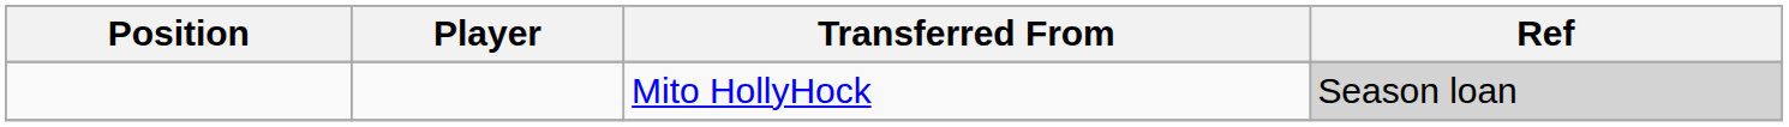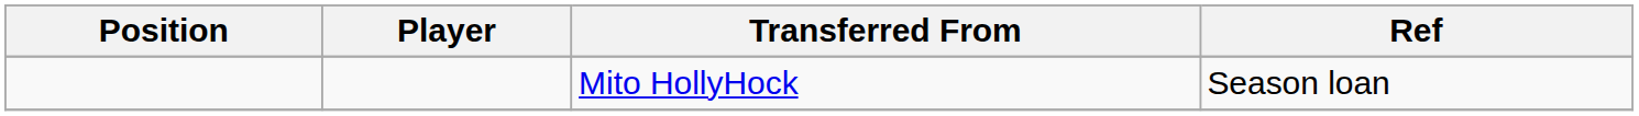 <table class="wikitable sortable" style="width:50%; text-align:center; font-size:100%; text-align:left;">
 <tr>
 <th><strong>Position</strong></th>
 <th><strong>Player</strong></th>
 <th><strong>Transferred From</strong></th>
 <th><strong>Ref</strong></th>
 </tr>
 <tr>
 </tr>
 <tr>
 <td></td>
 <td></td>
 <td> <a href='#'>Mito HollyHock</a></td>
-<td style="background: lightgrey;">Season loan </td>
+<td>Season loan </td>
 </tr>
 <tr>
 </tr>
 </table>
